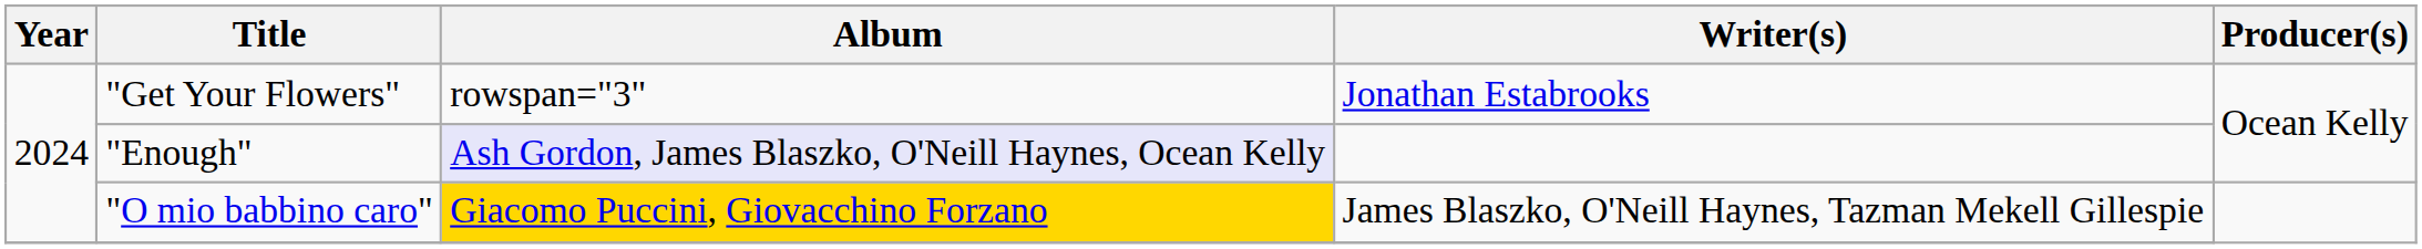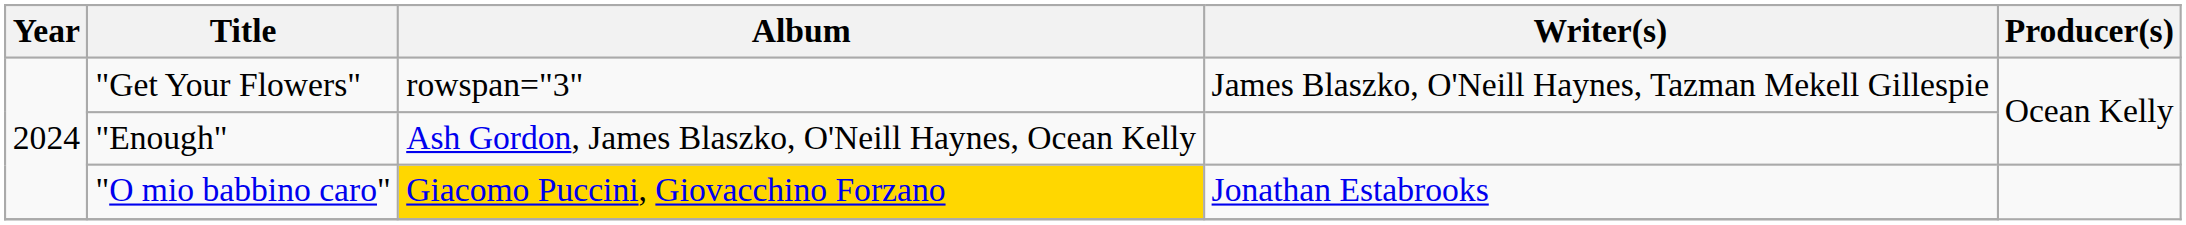 <table class="wikitable">
 <tr>
 <th>Year</th>
 <th>Title</th>
 <th>Album</th>
 <th>Writer(s)</th>
 <th>Producer(s)</th>
 </tr>
 <tr>
 <td rowspan="3">2024</td>
 <td>"Get Your Flowers"</td>
 <td>rowspan="3"</td>
-<td><a href='#'>Jonathan Estabrooks</a></td>
+<td>James Blaszko, O'Neill Haynes, Tazman Mekell Gillespie</td>
 <td rowspan="2">Ocean Kelly</td>
 </tr>
 <tr>
 <td>"Enough"</td>
-<td style="background: lavender;"><a href='#'>Ash Gordon</a>, James Blaszko, O'Neill Haynes, Ocean Kelly</td>
+<td><a href='#'>Ash Gordon</a>, James Blaszko, O'Neill Haynes, Ocean Kelly</td>
 </tr>
 <tr>
 <td>"<a href='#'>O mio babbino caro</a>"<br></td>
 <td style="background: gold;"><a href='#'>Giacomo Puccini</a>, <a href='#'>Giovacchino Forzano</a></td>
-<td>James Blaszko, O'Neill Haynes, Tazman Mekell Gillespie</td>
+<td><a href='#'>Jonathan Estabrooks</a></td>
 </tr>
 <tr>
 </tr>
 </table>
